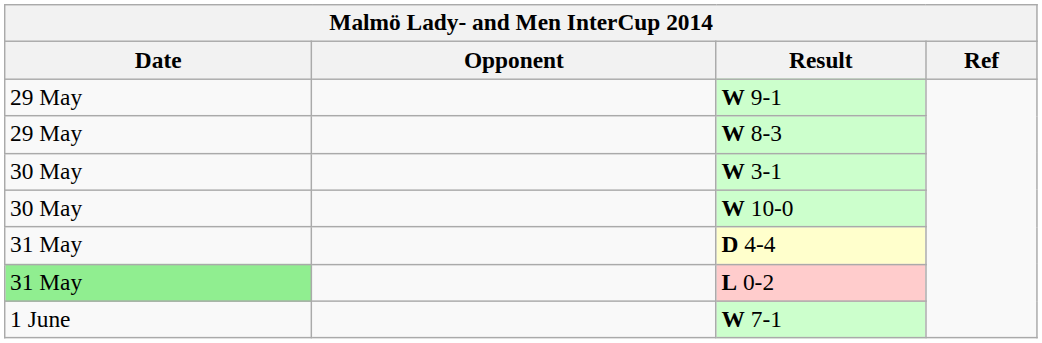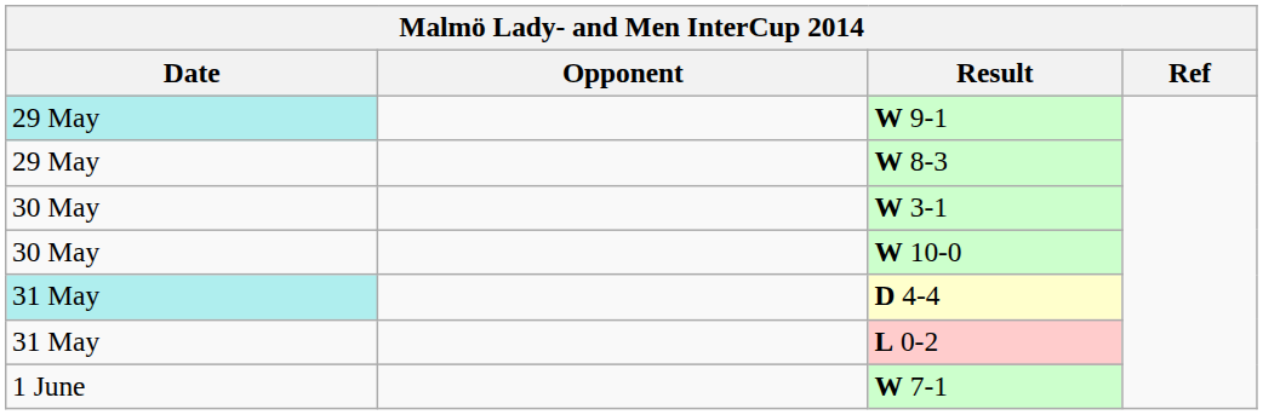 <table class="wikitable">
 <tr>
 <th width=700 colspan=4>Malmö Lady- and Men InterCup 2014 </th>
 </tr>
 <tr>
 <th width=150>Date</th>
 <th width=200>Opponent</th>
 <th width=100>Result</th>
 <th width=50>Ref</th>
 </tr>
 <tr>
-<td>29 May</td>
+<td style="background: paleturquoise;">29 May</td>
 <td></td>
 <td bgcolor=#cfc><strong>W</strong> 9-1</td>
 <td rowspan=7></td>
 </tr>
 <tr>
 <td>29 May</td>
 <td></td>
 <td bgcolor=#cfc><strong>W</strong> 8-3</td>
 </tr>
 <tr>
 <td>30 May</td>
 <td></td>
 <td bgcolor=#cfc><strong>W</strong> 3-1</td>
 </tr>
 <tr>
 <td>30 May</td>
 <td></td>
 <td bgcolor=#cfc><strong>W</strong> 10-0</td>
 </tr>
 <tr>
-<td>31 May</td>
+<td style="background: paleturquoise;">31 May</td>
 <td></td>
 <td bgcolor=#ffc><strong>D</strong> 4-4</td>
 </tr>
 <tr>
-<td style="background: lightgreen;">31 May</td>
+<td>31 May</td>
 <td></td>
 <td bgcolor=#fcc><strong>L</strong> 0-2</td>
 </tr>
 <tr>
 <td>1 June</td>
 <td></td>
 <td bgcolor=#cfc><strong>W</strong> 7-1</td>
 </tr>
 </table>
